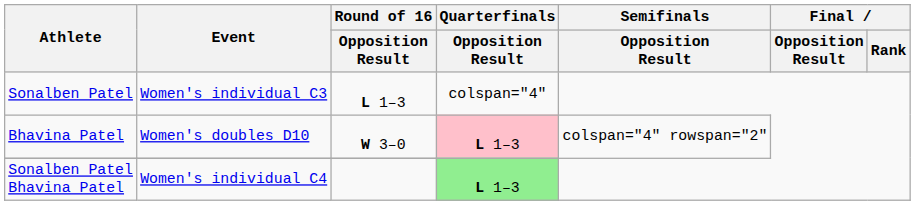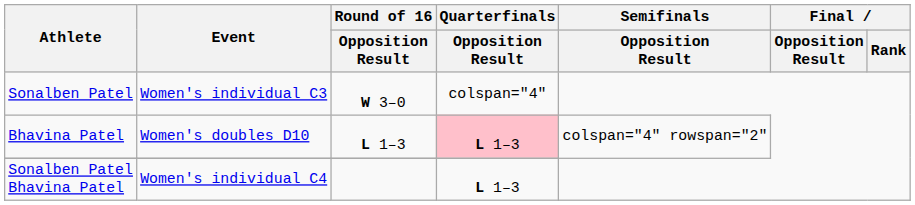 <table class=wikitable style="font-size:90%">
 <tr align=center>
 <th rowspan="2">Athlete</th>
 <th rowspan="2">Event</th>
 <th>Round of 16</th>
 <th>Quarterfinals</th>
 <th>Semifinals</th>
 <th colspan="2">Final / </th>
 </tr>
 <tr>
 <th>Opposition<br>Result</th>
 <th>Opposition<br>Result</th>
 <th>Opposition<br>Result</th>
 <th>Opposition<br>Result</th>
 <th>Rank</th>
 </tr>
 <tr align=center>
 <td align=left><a href='#'>Sonalben Patel</a></td>
 <td align=left><a href='#'>Women's individual C3</a></td>
-<td><br> <strong>L</strong> 1–3</td>
+<td><br><strong>W</strong> 3–0</td>
 <td>colspan="4" </td>
 </tr>
 <tr align=center>
 <td align=left><a href='#'>Bhavina Patel</a></td>
 <td align=left><a href='#'>Women's doubles D10</a></td>
-<td><br><strong>W</strong> 3–0</td>
+<td><br> <strong>L</strong> 1–3</td>
 <td style="background: pink;"> <br> <strong>L</strong> 1–3</td>
 <td>colspan="4" rowspan="2"</td>
 </tr>
 <tr>
 </tr>
 <tr align=center>
 <td align=left><a href='#'>Sonalben Patel</a><br><a href='#'>Bhavina Patel</a></td>
 <td align=left><a href='#'>Women's individual C4</a></td>
 <td></td>
-<td style="background: lightgreen;"><br><strong>L</strong> 1–3</td>
+<td><br><strong>L</strong> 1–3</td>
 </tr>
 </table>
